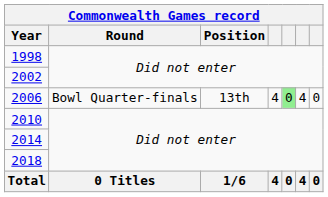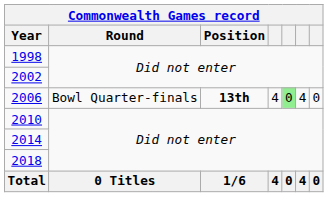 <table class="wikitable" style="text-align: center;">
 <tr>
 <th colspan=7><a href='#'>Commonwealth Games record</a></th>
 </tr>
 <tr>
 <th>Year</th>
 <th>Round</th>
 <th>Position</th>
 <th></th>
 <th></th>
 <th></th>
 <th></th>
 </tr>
 <tr>
 <td> <a href='#'>1998</a></td>
 <td rowspan=2 colspan=6><em>Did not enter</em></td>
 </tr>
 <tr>
 <td> <a href='#'>2002</a></td>
 </tr>
 <tr>
 <td> <a href='#'>2006</a></td>
 <td>Bowl Quarter-finals</td>
-<td>13th</td>
+<td><strong>13th</strong></td>
 <td>4</td>
 <td style="background: lightgreen;">0</td>
 <td>4</td>
 <td>0</td>
 </tr>
 <tr>
 <td> <a href='#'>2010</a></td>
 <td rowspan=3 colspan="6"><em>Did not enter</em></td>
 </tr>
 <tr>
 <td> <a href='#'>2014</a></td>
 </tr>
 <tr>
 <td> <a href='#'>2018</a></td>
 </tr>
 <tr>
 <th>Total</th>
 <th>0 Titles</th>
 <th>1/6</th>
 <th>4</th>
 <th>0</th>
 <th>4</th>
 <th>0</th>
 </tr>
 </table>
